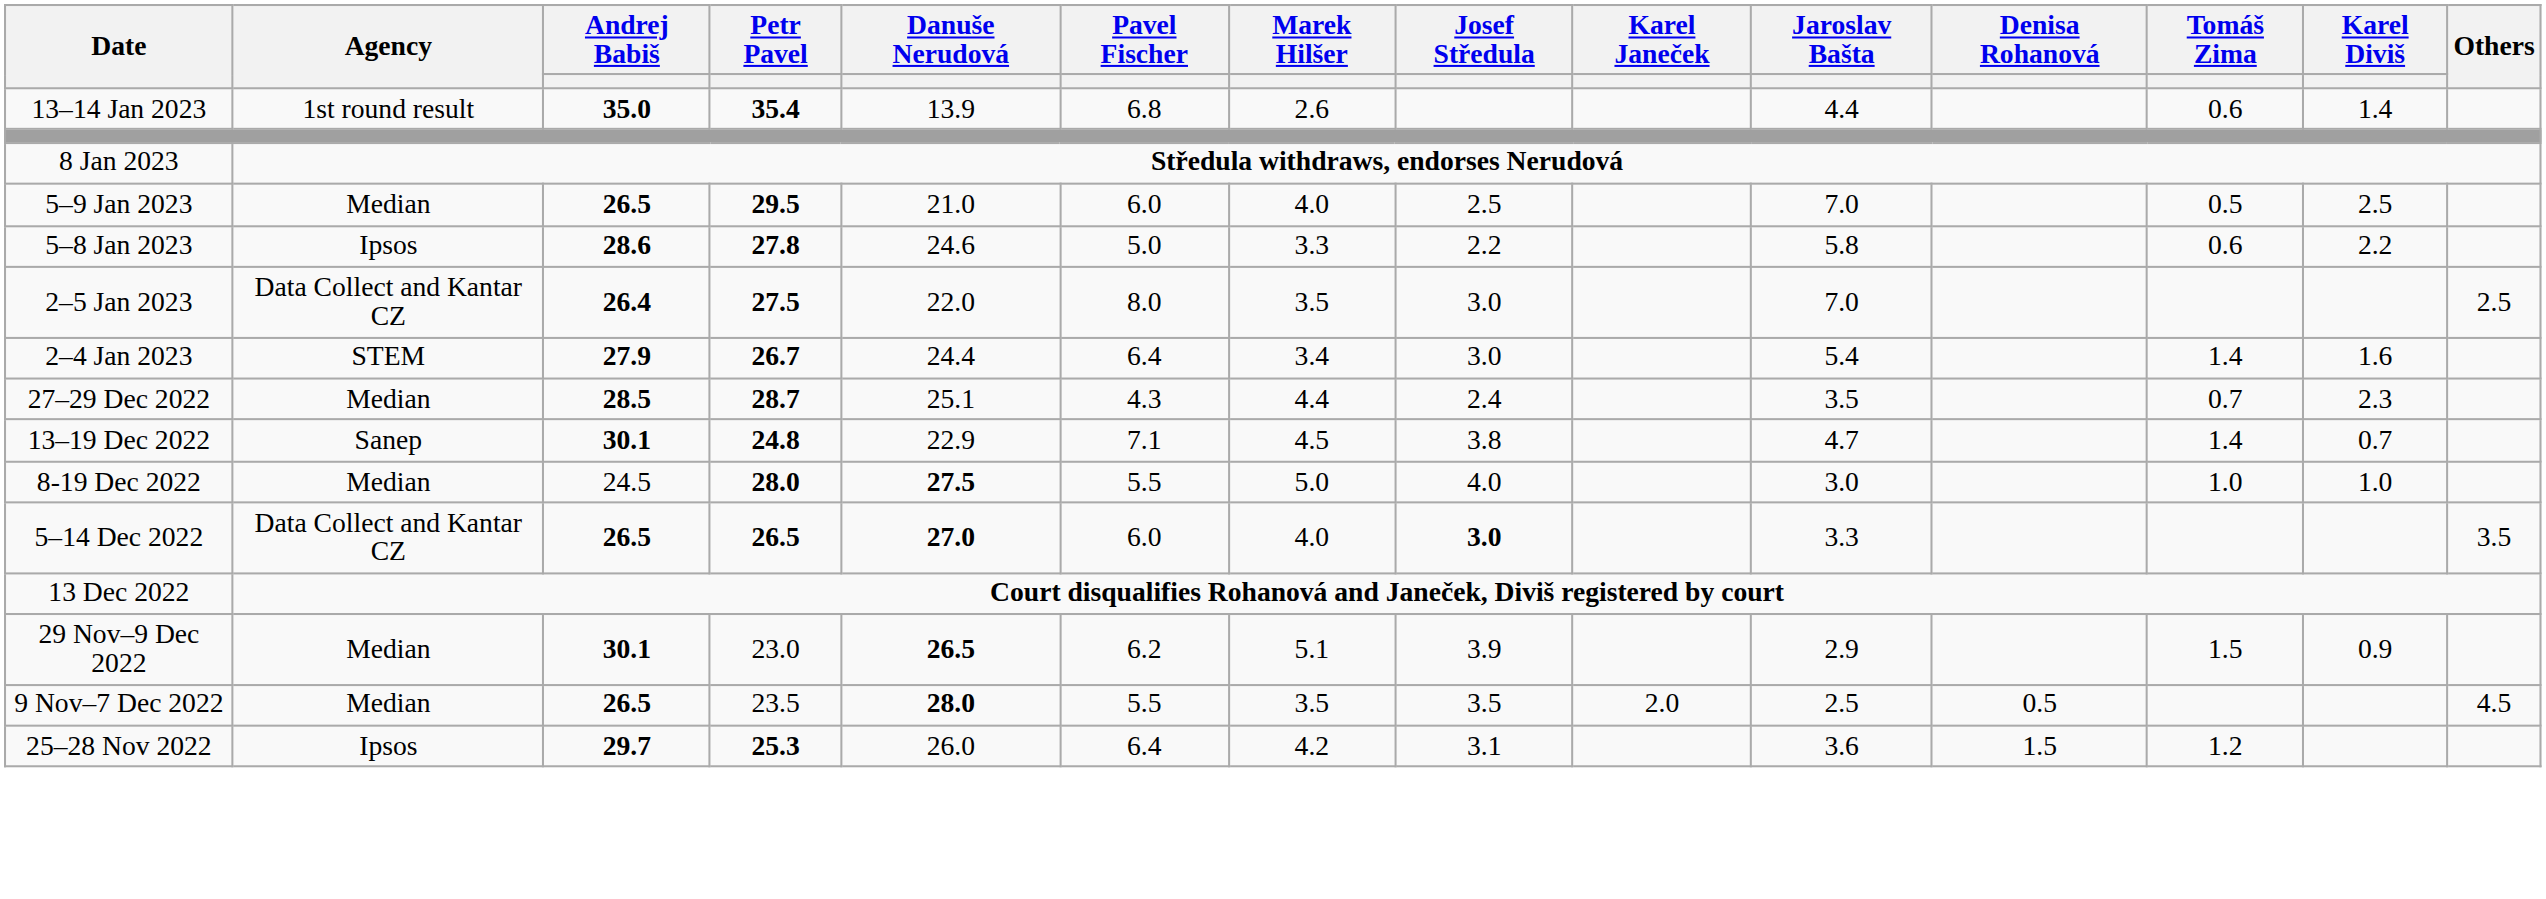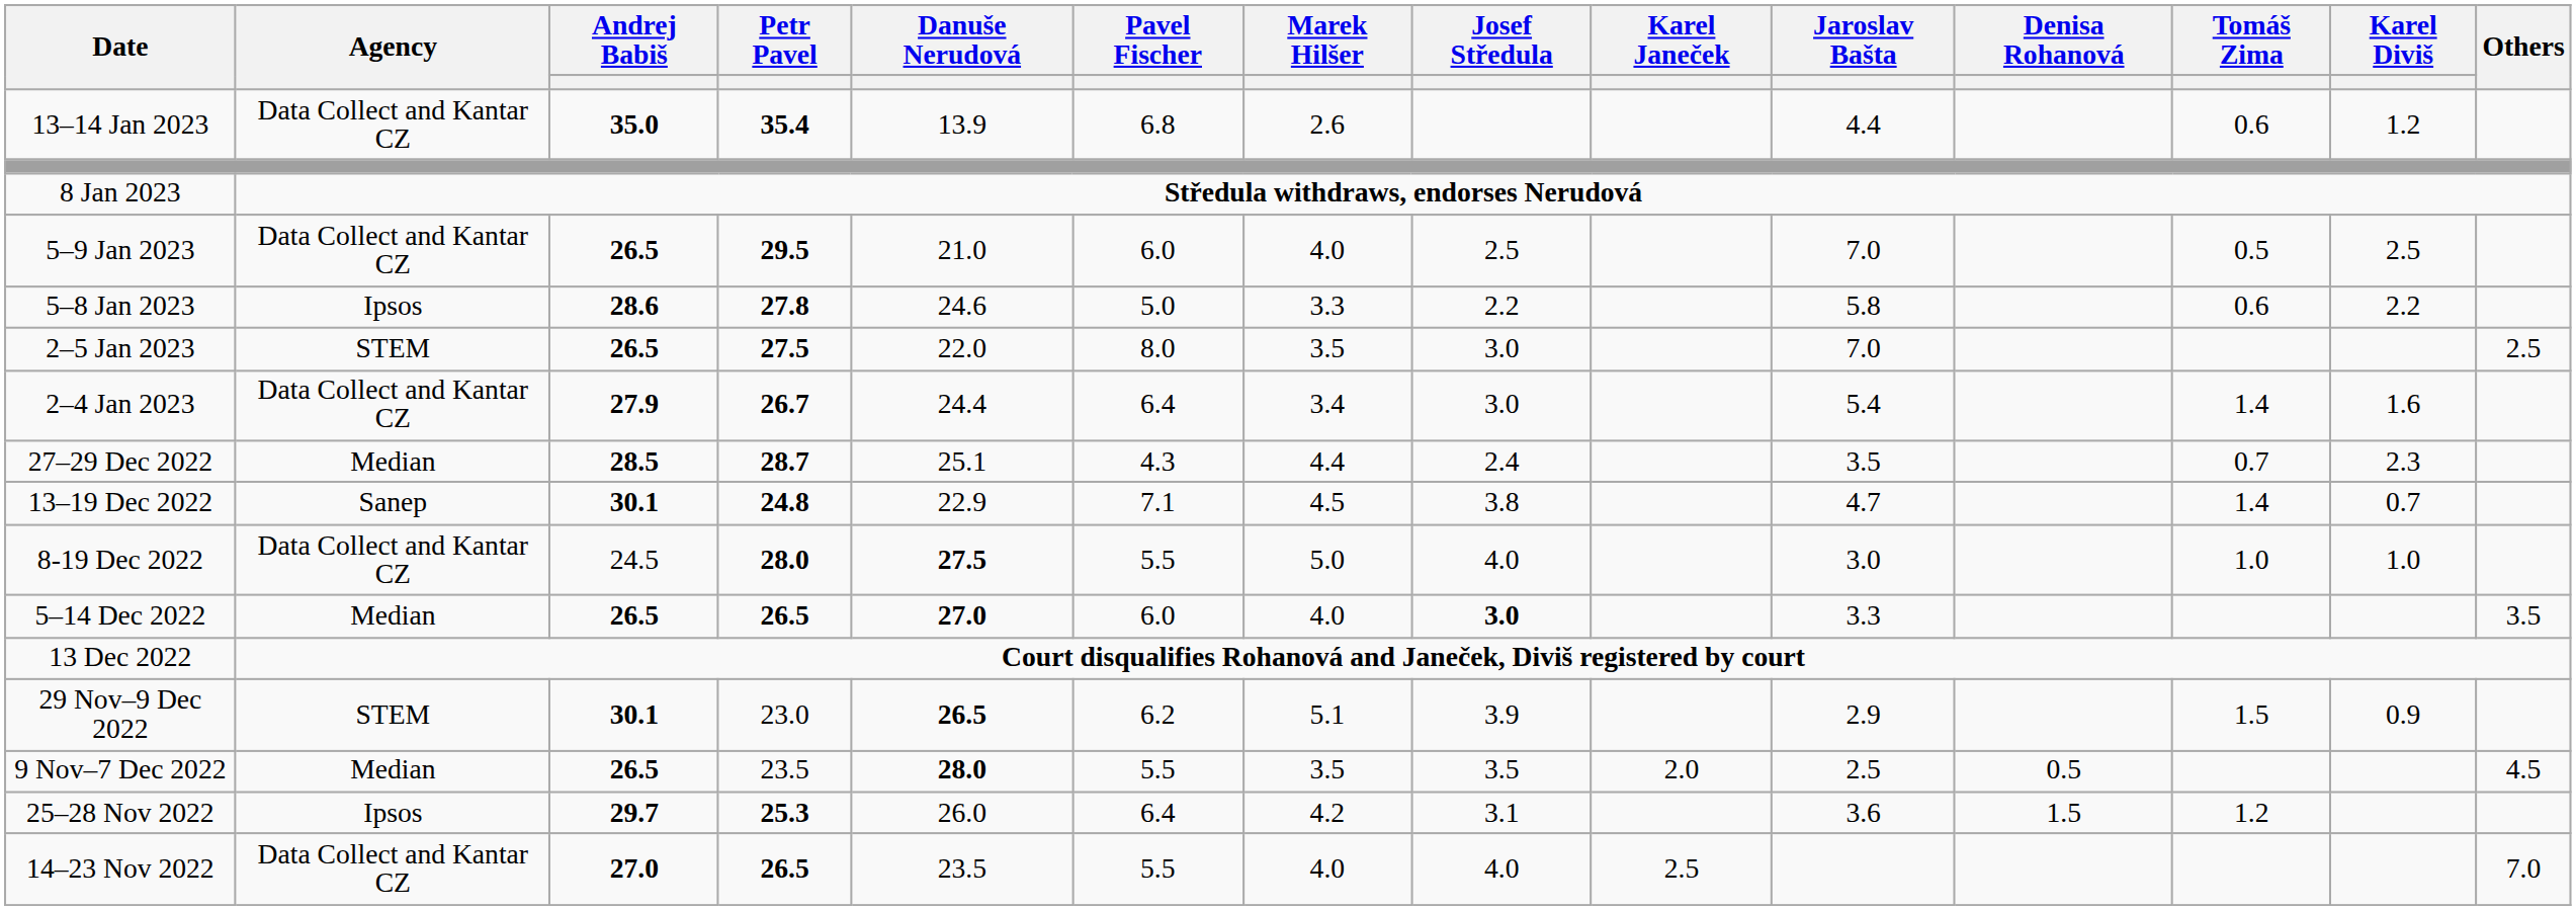 <table class="wikitable" style=text-align:center;font-size:85%;line-height:14px;">
 <tr>
 <th rowspan="2">Date</th>
 <th rowspan="2">Agency</th>
 <th><a href='#'>Andrej Babiš</a></th>
 <th><a href='#'>Petr Pavel</a></th>
 <th><a href='#'>Danuše Nerudová</a></th>
 <th><a href='#'>Pavel Fischer</a></th>
 <th><a href='#'>Marek Hilšer</a></th>
 <th><a href='#'>Josef Středula</a></th>
 <th><a href='#'>Karel Janeček</a></th>
 <th><a href='#'>Jaroslav Bašta</a></th>
 <th><a href='#'>Denisa Rohanová</a></th>
 <th><a href='#'>Tomáš Zima</a></th>
 <th><a href='#'>Karel Diviš</a></th>
 <th rowspan="2">Others</th>
 </tr>
 <tr>
 <th style="background:"></th>
 <th style="background:"></th>
 <th style="background:"></th>
 <th style="background:"></th>
 <th style="background:"></th>
 <th style="background:"></th>
 <th style="background:"></th>
 <th style="background:"></th>
 <th style="background:"></th>
 <th style="background:"></th>
 <th style="background:"></th>
 </tr>
 <tr>
 <td>13–14 Jan 2023</td>
-<td>1st round result</td>
+<td>Data Collect and Kantar CZ</td>
 <td><strong>35.0</strong></td>
 <td><strong>35.4</strong></td>
 <td>13.9</td>
 <td>6.8</td>
 <td>2.6</td>
 <td></td>
 <td></td>
 <td>4.4</td>
 <td></td>
 <td>0.6</td>
-<td>1.4</td>
+<td>1.2</td>
 <td></td>
 </tr>
 <tr>
 <td colspan="14" style="background:#A0A0A0"></td>
 </tr>
 <tr>
 <td>8 Jan 2023</td>
 <td colspan="13"><strong>Středula withdraws, endorses Nerudová</strong></td>
 </tr>
 <tr>
 <td>5–9 Jan 2023</td>
-<td>Median</td>
+<td>Data Collect and Kantar CZ</td>
 <td><strong>26.5</strong></td>
 <td><strong>29.5</strong></td>
 <td>21.0</td>
 <td>6.0</td>
 <td>4.0</td>
 <td>2.5</td>
 <td></td>
 <td>7.0</td>
 <td></td>
 <td>0.5</td>
 <td>2.5</td>
 <td></td>
 </tr>
 <tr>
 <td>5–8 Jan 2023</td>
 <td>Ipsos</td>
 <td><strong>28.6</strong></td>
 <td><strong>27.8</strong></td>
 <td>24.6</td>
 <td>5.0</td>
 <td>3.3</td>
 <td>2.2</td>
 <td></td>
 <td>5.8</td>
 <td></td>
 <td>0.6</td>
 <td>2.2</td>
 <td></td>
 </tr>
 <tr>
 <td>2–5 Jan 2023</td>
-<td>Data Collect and Kantar CZ</td>
-<td><strong>26.4</strong></td>
+<td>STEM</td>
+<td><strong>26.5</strong></td>
 <td><strong>27.5</strong></td>
 <td>22.0</td>
 <td>8.0</td>
 <td>3.5</td>
 <td>3.0</td>
 <td></td>
 <td>7.0</td>
 <td></td>
 <td></td>
 <td></td>
 <td>2.5</td>
 </tr>
 <tr>
 <td>2–4 Jan 2023</td>
-<td>STEM</td>
+<td>Data Collect and Kantar CZ</td>
 <td><strong>27.9</strong></td>
 <td><strong>26.7</strong></td>
 <td>24.4</td>
 <td>6.4</td>
 <td>3.4</td>
 <td>3.0</td>
 <td></td>
 <td>5.4</td>
 <td></td>
 <td>1.4</td>
 <td>1.6</td>
 <td></td>
 </tr>
 <tr>
 <td>27–29 Dec 2022</td>
 <td>Median</td>
 <td><strong>28.5</strong></td>
 <td><strong>28.7</strong></td>
 <td>25.1</td>
 <td>4.3</td>
 <td>4.4</td>
 <td>2.4</td>
 <td></td>
 <td>3.5</td>
 <td></td>
 <td>0.7</td>
 <td>2.3</td>
 <td></td>
 </tr>
 <tr>
 <td>13–19 Dec 2022</td>
 <td>Sanep</td>
 <td><strong>30.1</strong></td>
 <td><strong>24.8</strong></td>
 <td>22.9</td>
 <td>7.1</td>
 <td>4.5</td>
 <td>3.8</td>
 <td></td>
 <td>4.7</td>
 <td></td>
 <td>1.4</td>
 <td>0.7</td>
 <td></td>
 </tr>
 <tr>
 <td>8-19 Dec 2022</td>
-<td>Median</td>
+<td>Data Collect and Kantar CZ</td>
 <td>24.5</td>
 <td><strong>28.0</strong></td>
 <td><strong>27.5</strong></td>
 <td>5.5</td>
 <td>5.0</td>
 <td>4.0</td>
 <td></td>
 <td>3.0</td>
 <td></td>
 <td>1.0</td>
 <td>1.0</td>
 <td></td>
 </tr>
 <tr>
 <td>5–14 Dec 2022</td>
-<td>Data Collect and Kantar CZ</td>
+<td>Median</td>
 <td><strong>26.5</strong></td>
 <td><strong>26.5</strong></td>
 <td><strong>27.0</strong></td>
 <td>6.0</td>
 <td>4.0</td>
 <td><strong>3.0</strong></td>
 <td></td>
 <td>3.3</td>
 <td></td>
 <td></td>
 <td></td>
 <td>3.5</td>
 </tr>
 <tr>
 <td>13 Dec 2022</td>
 <td colspan="13"><strong>Court disqualifies Rohanová and Janeček, Diviš registered by court</strong></td>
 </tr>
 <tr>
 <td>29 Nov–9 Dec 2022</td>
-<td>Median</td>
+<td>STEM</td>
 <td><strong>30.1</strong></td>
 <td>23.0</td>
 <td><strong>26.5</strong></td>
 <td>6.2</td>
 <td>5.1</td>
 <td>3.9</td>
 <td></td>
 <td>2.9</td>
 <td></td>
 <td>1.5</td>
 <td>0.9</td>
 <td></td>
 </tr>
 <tr>
 <td>9 Nov–7 Dec 2022</td>
 <td>Median</td>
 <td><strong>26.5</strong></td>
 <td>23.5</td>
 <td><strong>28.0</strong></td>
 <td>5.5</td>
 <td>3.5</td>
 <td>3.5</td>
 <td>2.0</td>
 <td>2.5</td>
 <td>0.5</td>
 <td></td>
 <td></td>
 <td>4.5</td>
 </tr>
 <tr>
 <td>25–28 Nov 2022</td>
 <td>Ipsos</td>
 <td><strong>29.7</strong></td>
 <td><strong>25.3</strong></td>
 <td>26.0</td>
 <td>6.4</td>
 <td>4.2</td>
 <td>3.1</td>
 <td></td>
 <td>3.6</td>
 <td>1.5</td>
 <td>1.2</td>
 <td></td>
 <td></td>
 </tr>
+<tr>
+<td>14–23 Nov 2022</td>
+<td>Data Collect and Kantar CZ</td>
+<td><strong>27.0</strong></td>
+<td><strong>26.5</strong></td>
+<td>23.5</td>
+<td>5.5</td>
+<td>4.0</td>
+<td>4.0</td>
+<td>2.5</td>
+<td></td>
+<td></td>
+<td></td>
+<td></td>
+<td>7.0</td>
+</tr>
 </table>
